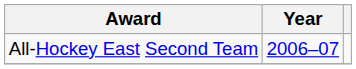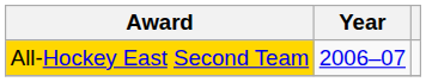 <table class="wikitable">
 <tr>
 <th>Award</th>
 <th>Year</th>
 <th></th>
 </tr>
 <tr>
-<td>All-<a href='#'>Hockey East</a> <a href='#'>Second Team</a></td>
+<td style="background: gold;">All-<a href='#'>Hockey East</a> <a href='#'>Second Team</a></td>
 <td><a href='#'>2006–07</a></td>
 <td></td>
 </tr>
 <tr>
 </tr>
 </table>
